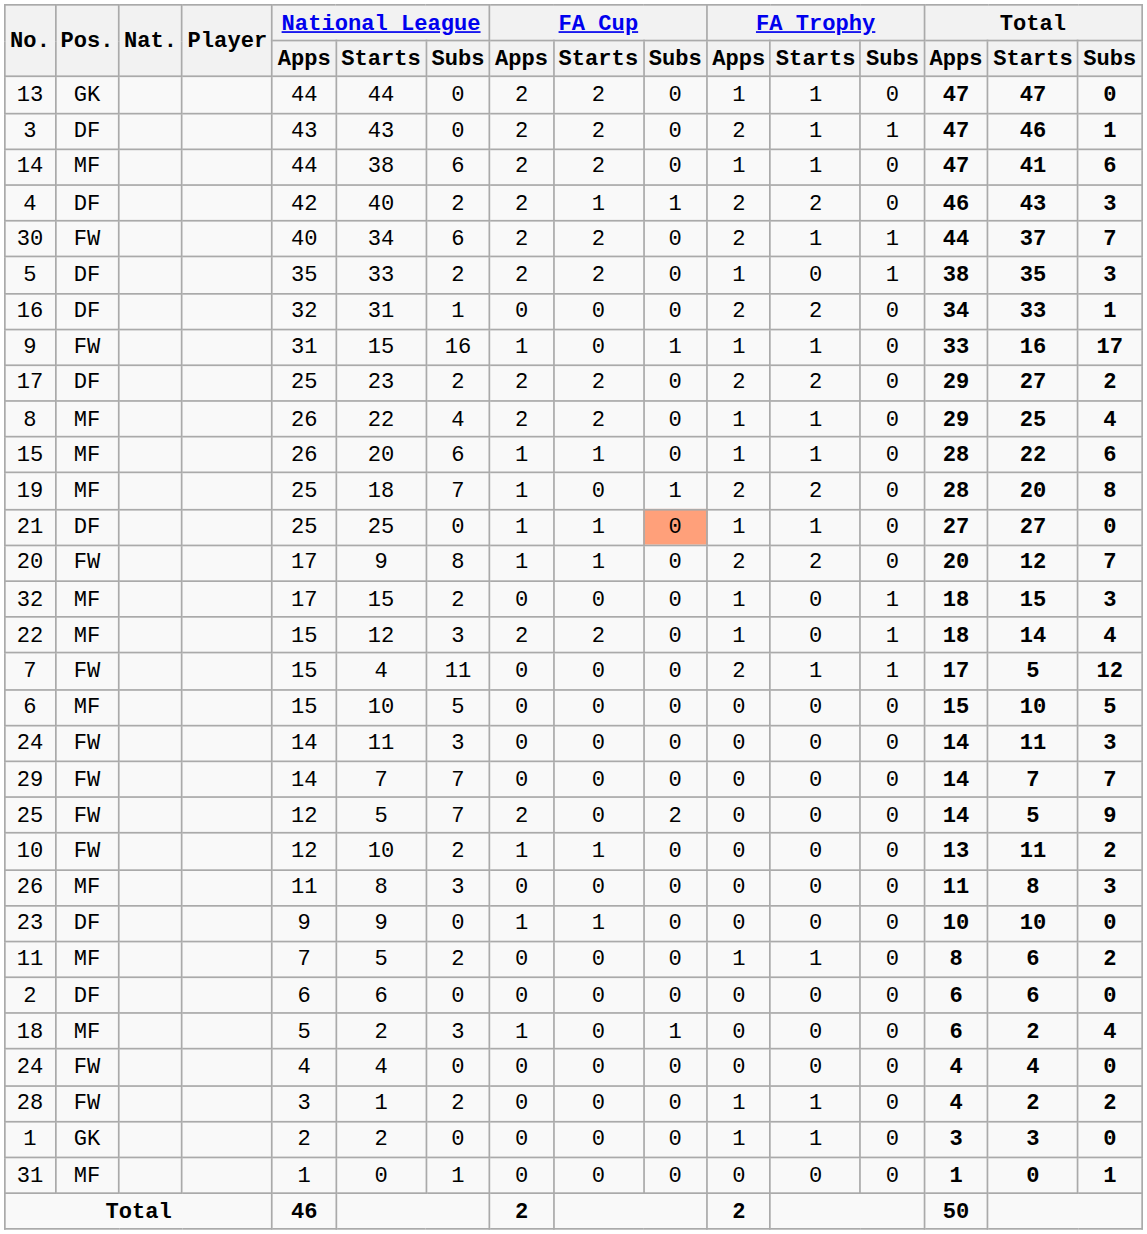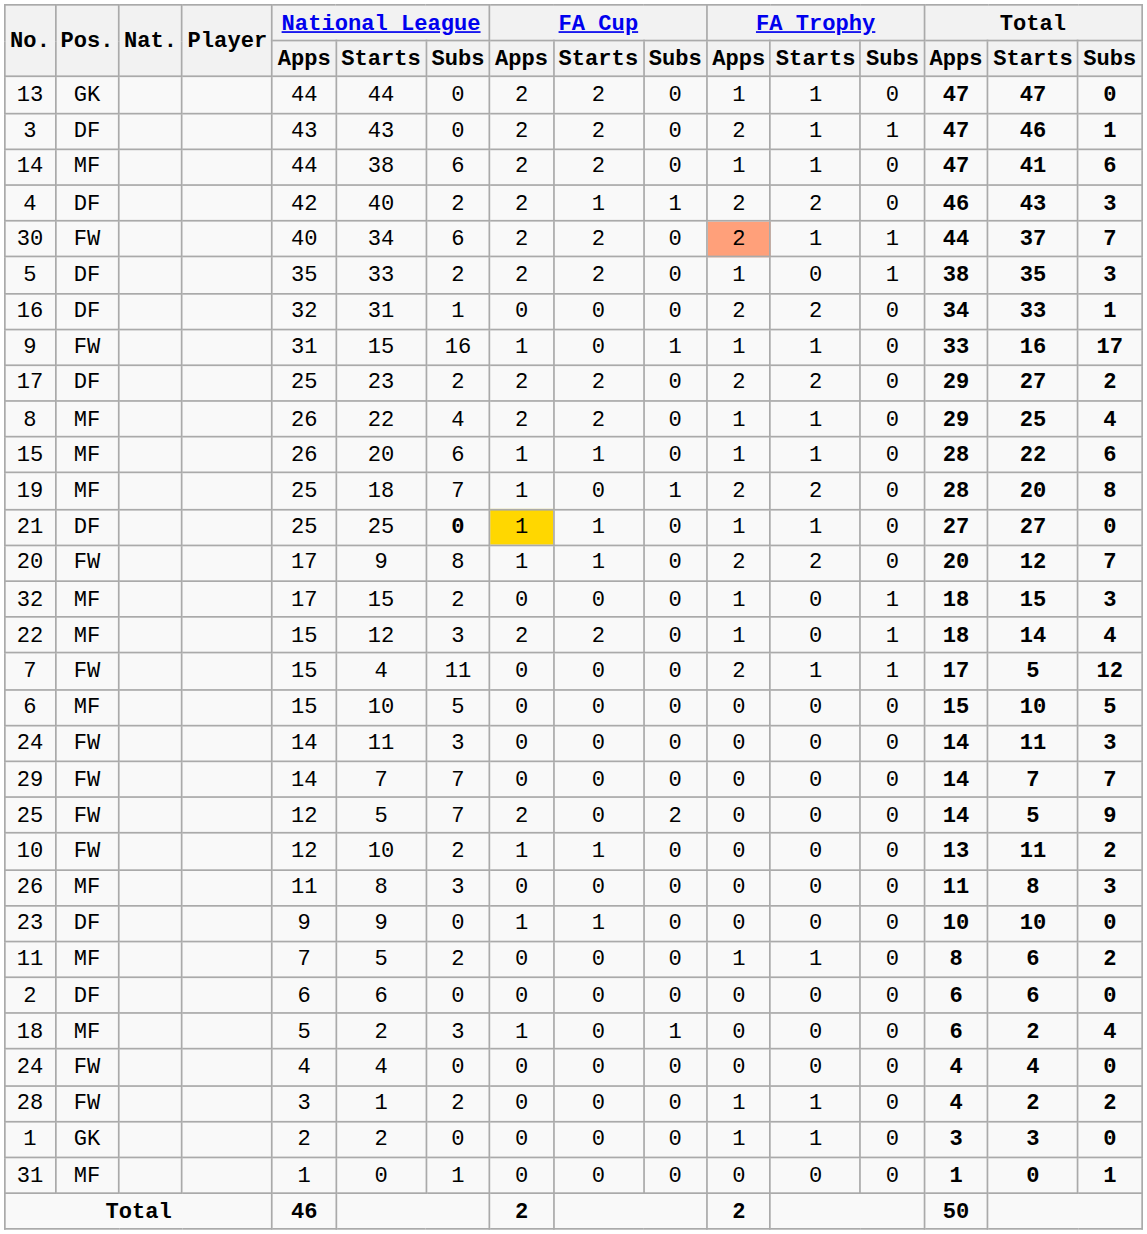 <table class="wikitable" style="text-align:center">
 <tr>
 <th rowspan="2">No.</th>
 <th rowspan="2">Pos.</th>
 <th rowspan="2">Nat.</th>
 <th rowspan="2">Player</th>
 <th colspan="3"><a href='#'>National League</a></th>
 <th colspan="3"><a href='#'>FA Cup</a></th>
 <th colspan="3"><a href='#'>FA Trophy</a></th>
 <th colspan="3">Total</th>
 </tr>
 <tr>
 <th>Apps</th>
 <th>Starts</th>
 <th>Subs</th>
 <th>Apps</th>
 <th>Starts</th>
 <th>Subs</th>
 <th>Apps</th>
 <th>Starts</th>
 <th>Subs</th>
 <th>Apps</th>
 <th>Starts</th>
 <th>Subs</th>
 </tr>
 <tr>
 <td>13</td>
 <td>GK</td>
 <td></td>
 <td align=left></td>
 <td>44</td>
 <td>44</td>
 <td>0</td>
 <td>2</td>
 <td>2</td>
 <td>0</td>
 <td>1</td>
 <td>1</td>
 <td>0</td>
 <td><strong>47</strong></td>
 <td><strong>47</strong></td>
 <td><strong>0</strong></td>
 </tr>
 <tr>
 <td>3</td>
 <td>DF</td>
 <td></td>
 <td align=left></td>
 <td>43</td>
 <td>43</td>
 <td>0</td>
 <td>2</td>
 <td>2</td>
 <td>0</td>
 <td>2</td>
 <td>1</td>
 <td>1</td>
 <td><strong>47</strong></td>
 <td><strong>46</strong></td>
 <td><strong>1</strong></td>
 </tr>
 <tr>
 <td>14</td>
 <td>MF</td>
 <td></td>
 <td align=left></td>
 <td>44</td>
 <td>38</td>
 <td>6</td>
 <td>2</td>
 <td>2</td>
 <td>0</td>
 <td>1</td>
 <td>1</td>
 <td>0</td>
 <td><strong>47</strong></td>
 <td><strong>41</strong></td>
 <td><strong>6</strong></td>
 </tr>
 <tr>
 <td>4</td>
 <td>DF</td>
 <td></td>
 <td align=left></td>
 <td>42</td>
 <td>40</td>
 <td>2</td>
 <td>2</td>
 <td>1</td>
 <td>1</td>
 <td>2</td>
 <td>2</td>
 <td>0</td>
 <td><strong>46</strong></td>
 <td><strong>43</strong></td>
 <td><strong>3</strong></td>
 </tr>
 <tr>
 <td>30</td>
 <td>FW</td>
 <td></td>
 <td align=left></td>
 <td>40</td>
 <td>34</td>
 <td>6</td>
 <td>2</td>
 <td>2</td>
 <td>0</td>
-<td>2</td>
+<td style="background: lightsalmon;">2</td>
 <td>1</td>
 <td>1</td>
 <td><strong>44</strong></td>
 <td><strong>37</strong></td>
 <td><strong>7</strong></td>
 </tr>
 <tr>
 <td>5</td>
 <td>DF</td>
 <td></td>
 <td align=left></td>
 <td>35</td>
 <td>33</td>
 <td>2</td>
 <td>2</td>
 <td>2</td>
 <td>0</td>
 <td>1</td>
 <td>0</td>
 <td>1</td>
 <td><strong>38</strong></td>
 <td><strong>35</strong></td>
 <td><strong>3</strong></td>
 </tr>
 <tr>
 <td>16</td>
 <td>DF</td>
 <td></td>
 <td align=left></td>
 <td>32</td>
 <td>31</td>
 <td>1</td>
 <td>0</td>
 <td>0</td>
 <td>0</td>
 <td>2</td>
 <td>2</td>
 <td>0</td>
 <td><strong>34</strong></td>
 <td><strong>33</strong></td>
 <td><strong>1</strong></td>
 </tr>
 <tr>
 <td>9</td>
 <td>FW</td>
 <td></td>
 <td align=left></td>
 <td>31</td>
 <td>15</td>
 <td>16</td>
 <td>1</td>
 <td>0</td>
 <td>1</td>
 <td>1</td>
 <td>1</td>
 <td>0</td>
 <td><strong>33</strong></td>
 <td><strong>16</strong></td>
 <td><strong>17</strong></td>
 </tr>
 <tr>
 <td>17</td>
 <td>DF</td>
 <td></td>
 <td align=left></td>
 <td>25</td>
 <td>23</td>
 <td>2</td>
 <td>2</td>
 <td>2</td>
 <td>0</td>
 <td>2</td>
 <td>2</td>
 <td>0</td>
 <td><strong>29</strong></td>
 <td><strong>27</strong></td>
 <td><strong>2</strong></td>
 </tr>
 <tr>
 <td>8</td>
 <td>MF</td>
 <td></td>
 <td align=left></td>
 <td>26</td>
 <td>22</td>
 <td>4</td>
 <td>2</td>
 <td>2</td>
 <td>0</td>
 <td>1</td>
 <td>1</td>
 <td>0</td>
 <td><strong>29</strong></td>
 <td><strong>25</strong></td>
 <td><strong>4</strong></td>
 </tr>
 <tr>
 <td>15</td>
 <td>MF</td>
 <td></td>
 <td align=left></td>
 <td>26</td>
 <td>20</td>
 <td>6</td>
 <td>1</td>
 <td>1</td>
 <td>0</td>
 <td>1</td>
 <td>1</td>
 <td>0</td>
 <td><strong>28</strong></td>
 <td><strong>22</strong></td>
 <td><strong>6</strong></td>
 </tr>
 <tr>
 <td>19</td>
 <td>MF</td>
 <td></td>
 <td align=left></td>
 <td>25</td>
 <td>18</td>
 <td>7</td>
 <td>1</td>
 <td>0</td>
 <td>1</td>
 <td>2</td>
 <td>2</td>
 <td>0</td>
 <td><strong>28</strong></td>
 <td><strong>20</strong></td>
 <td><strong>8</strong></td>
 </tr>
 <tr>
 <td>21</td>
 <td>DF</td>
 <td></td>
 <td align=left></td>
 <td>25</td>
 <td>25</td>
+<td><strong>0</strong></td>
+<td style="background: gold;">1</td>
+<td>1</td>
 <td>0</td>
-<td>1</td>
-<td>1</td>
-<td style="background: lightsalmon;">0</td>
 <td>1</td>
 <td>1</td>
 <td>0</td>
 <td><strong>27</strong></td>
 <td><strong>27</strong></td>
 <td><strong>0</strong></td>
 </tr>
 <tr>
 <td>20</td>
 <td>FW</td>
 <td></td>
 <td align=left></td>
 <td>17</td>
 <td>9</td>
 <td>8</td>
 <td>1</td>
 <td>1</td>
 <td>0</td>
 <td>2</td>
 <td>2</td>
 <td>0</td>
 <td><strong>20</strong></td>
 <td><strong>12</strong></td>
 <td><strong>7</strong></td>
 </tr>
 <tr>
 <td>32</td>
 <td>MF</td>
 <td></td>
 <td align=left></td>
 <td>17</td>
 <td>15</td>
 <td>2</td>
 <td>0</td>
 <td>0</td>
 <td>0</td>
 <td>1</td>
 <td>0</td>
 <td>1</td>
 <td><strong>18</strong></td>
 <td><strong>15</strong></td>
 <td><strong>3</strong></td>
 </tr>
 <tr>
 <td>22</td>
 <td>MF</td>
 <td></td>
 <td align=left></td>
 <td>15</td>
 <td>12</td>
 <td>3</td>
 <td>2</td>
 <td>2</td>
 <td>0</td>
 <td>1</td>
 <td>0</td>
 <td>1</td>
 <td><strong>18</strong></td>
 <td><strong>14</strong></td>
 <td><strong>4</strong></td>
 </tr>
 <tr>
 <td>7</td>
 <td>FW</td>
 <td></td>
 <td align=left></td>
 <td>15</td>
 <td>4</td>
 <td>11</td>
 <td>0</td>
 <td>0</td>
 <td>0</td>
 <td>2</td>
 <td>1</td>
 <td>1</td>
 <td><strong>17</strong></td>
 <td><strong>5</strong></td>
 <td><strong>12</strong></td>
 </tr>
 <tr>
 <td>6</td>
 <td>MF</td>
 <td></td>
 <td align=left></td>
 <td>15</td>
 <td>10</td>
 <td>5</td>
 <td>0</td>
 <td>0</td>
 <td>0</td>
 <td>0</td>
 <td>0</td>
 <td>0</td>
 <td><strong>15</strong></td>
 <td><strong>10</strong></td>
 <td><strong>5</strong></td>
 </tr>
 <tr>
 <td>24</td>
 <td>FW</td>
 <td></td>
 <td align=left></td>
 <td>14</td>
 <td>11</td>
 <td>3</td>
 <td>0</td>
 <td>0</td>
 <td>0</td>
 <td>0</td>
 <td>0</td>
 <td>0</td>
 <td><strong>14</strong></td>
 <td><strong>11</strong></td>
 <td><strong>3</strong></td>
 </tr>
 <tr>
 <td>29</td>
 <td>FW</td>
 <td></td>
 <td align=left></td>
 <td>14</td>
 <td>7</td>
 <td>7</td>
 <td>0</td>
 <td>0</td>
 <td>0</td>
 <td>0</td>
 <td>0</td>
 <td>0</td>
 <td><strong>14</strong></td>
 <td><strong>7</strong></td>
 <td><strong>7</strong></td>
 </tr>
 <tr>
 <td>25</td>
 <td>FW</td>
 <td></td>
 <td align=left></td>
 <td>12</td>
 <td>5</td>
 <td>7</td>
 <td>2</td>
 <td>0</td>
 <td>2</td>
 <td>0</td>
 <td>0</td>
 <td>0</td>
 <td><strong>14</strong></td>
 <td><strong>5</strong></td>
 <td><strong>9</strong></td>
 </tr>
 <tr>
 <td>10</td>
 <td>FW</td>
 <td></td>
 <td align=left></td>
 <td>12</td>
 <td>10</td>
 <td>2</td>
 <td>1</td>
 <td>1</td>
 <td>0</td>
 <td>0</td>
 <td>0</td>
 <td>0</td>
 <td><strong>13</strong></td>
 <td><strong>11</strong></td>
 <td><strong>2</strong></td>
 </tr>
 <tr>
 <td>26</td>
 <td>MF</td>
 <td></td>
 <td align=left></td>
 <td>11</td>
 <td>8</td>
 <td>3</td>
 <td>0</td>
 <td>0</td>
 <td>0</td>
 <td>0</td>
 <td>0</td>
 <td>0</td>
 <td><strong>11</strong></td>
 <td><strong>8</strong></td>
 <td><strong>3</strong></td>
 </tr>
 <tr>
 <td>23</td>
 <td>DF</td>
 <td></td>
 <td align=left></td>
 <td>9</td>
 <td>9</td>
 <td>0</td>
 <td>1</td>
 <td>1</td>
 <td>0</td>
 <td>0</td>
 <td>0</td>
 <td>0</td>
 <td><strong>10</strong></td>
 <td><strong>10</strong></td>
 <td><strong>0</strong></td>
 </tr>
 <tr>
 <td>11</td>
 <td>MF</td>
 <td></td>
 <td align=left></td>
 <td>7</td>
 <td>5</td>
 <td>2</td>
 <td>0</td>
 <td>0</td>
 <td>0</td>
 <td>1</td>
 <td>1</td>
 <td>0</td>
 <td><strong>8</strong></td>
 <td><strong>6</strong></td>
 <td><strong>2</strong></td>
 </tr>
 <tr>
 <td>2</td>
 <td>DF</td>
 <td></td>
 <td align=left></td>
 <td>6</td>
 <td>6</td>
 <td>0</td>
 <td>0</td>
 <td>0</td>
 <td>0</td>
 <td>0</td>
 <td>0</td>
 <td>0</td>
 <td><strong>6</strong></td>
 <td><strong>6</strong></td>
 <td><strong>0</strong></td>
 </tr>
 <tr>
 <td>18</td>
 <td>MF</td>
 <td></td>
 <td align=left></td>
 <td>5</td>
 <td>2</td>
 <td>3</td>
 <td>1</td>
 <td>0</td>
 <td>1</td>
 <td>0</td>
 <td>0</td>
 <td>0</td>
 <td><strong>6</strong></td>
 <td><strong>2</strong></td>
 <td><strong>4</strong></td>
 </tr>
 <tr>
 <td>24</td>
 <td>FW</td>
 <td></td>
 <td align=left></td>
 <td>4</td>
 <td>4</td>
 <td>0</td>
 <td>0</td>
 <td>0</td>
 <td>0</td>
 <td>0</td>
 <td>0</td>
 <td>0</td>
 <td><strong>4</strong></td>
 <td><strong>4</strong></td>
 <td><strong>0</strong></td>
 </tr>
 <tr>
 <td>28</td>
 <td>FW</td>
 <td></td>
 <td align=left></td>
 <td>3</td>
 <td>1</td>
 <td>2</td>
 <td>0</td>
 <td>0</td>
 <td>0</td>
 <td>1</td>
 <td>1</td>
 <td>0</td>
 <td><strong>4</strong></td>
 <td><strong>2</strong></td>
 <td><strong>2</strong></td>
 </tr>
 <tr>
 <td>1</td>
 <td>GK</td>
 <td></td>
 <td align=left></td>
 <td>2</td>
 <td>2</td>
 <td>0</td>
 <td>0</td>
 <td>0</td>
 <td>0</td>
 <td>1</td>
 <td>1</td>
 <td>0</td>
 <td><strong>3</strong></td>
 <td><strong>3</strong></td>
 <td><strong>0</strong></td>
 </tr>
 <tr>
 <td>31</td>
 <td>MF</td>
 <td></td>
 <td align=left></td>
 <td>1</td>
 <td>0</td>
 <td>1</td>
 <td>0</td>
 <td>0</td>
 <td>0</td>
 <td>0</td>
 <td>0</td>
 <td>0</td>
 <td><strong>1</strong></td>
 <td><strong>0</strong></td>
 <td><strong>1</strong></td>
 </tr>
 <tr class="sortbottom">
 <td colspan=4><strong>Total</strong></td>
 <td colspan=1><strong>46</strong></td>
 <td colspan=2></td>
 <td colspan=1><strong>2</strong></td>
 <td colspan=2></td>
 <td colspan=1><strong>2</strong></td>
 <td colspan=2></td>
 <td colspan=1><strong>50</strong></td>
 <td colspan=2></td>
 </tr>
 </table>
